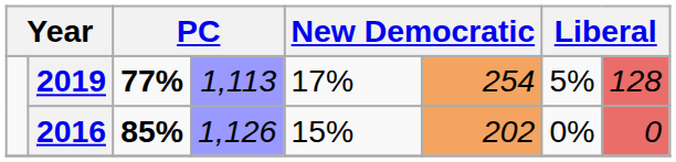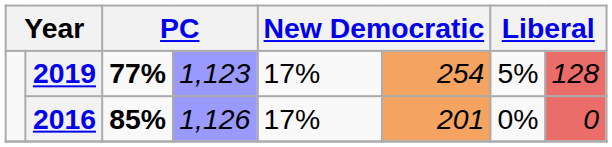 <table class="wikitable" style="float:right; width:400; font-size:90%; margin-left:1em;">
 <tr>
 <th colspan="2" scope="col">Year</th>
 <th colspan="2" scope="col"><a href='#'>PC</a></th>
 <th colspan="2" scope="col"><a href='#'>New Democratic</a></th>
 <th colspan="2" scope="col"><a href='#'>Liberal</a></th>
 </tr>
 <tr>
 <td rowspan="2" style="width: 0.25em; background-color: "></td>
 <th><a href='#'>2019</a></th>
 <td><strong>77%</strong></td>
-<td style="text-align:right; background:#9999FF;"><em>1,113</em></td>
+<td style="text-align:right; background:#9999FF;"><em>1,123</em></td>
 <td>17%</td>
 <td style="text-align:right; background:#F4A460;"><em>254</em></td>
 <td>5%</td>
 <td style="text-align:right; background:#EA6D6A;"><em>128</em></td>
 </tr>
 <tr>
 <th><a href='#'>2016</a></th>
 <td><strong>85%</strong></td>
 <td style="text-align:right; background:#9999FF;"><em>1,126</em></td>
-<td>15%</td>
-<td style="text-align:right; background:#F4A460;"><em>202</em></td>
+<td>17%</td>
+<td style="text-align:right; background:#F4A460;"><em>201</em></td>
 <td>0%</td>
 <td style="text-align:right; background:#EA6D6A;"><em>0</em></td>
 </tr>
 <tr>
 </tr>
 </table>
